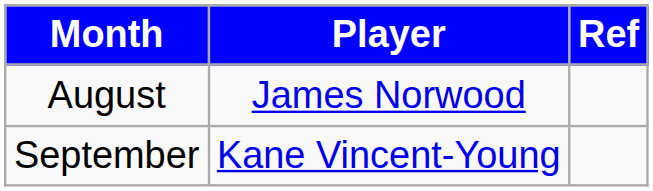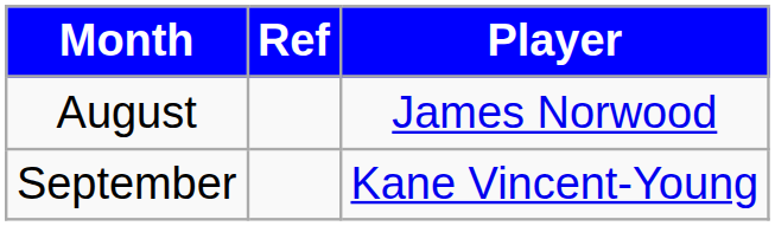 <table class="wikitable" style="text-align:center">
 <tr>
 <th style="background:blue; color:white; width=0%">Month</th>
+<th style="background:blue; color:white; width=0%">Ref</th>
 <th style="background:blue; color:white; width=0%">Player</th>
-<th style="background:blue; color:white; width=0%">Ref</th>
 </tr>
 <tr>
 <td>August</td>
+<td></td>
 <td> <a href='#'>James Norwood</a></td>
-<td></td>
 </tr>
 <tr>
 <td>September</td>
+<td></td>
 <td> <a href='#'>Kane Vincent-Young</a></td>
-<td></td>
 </tr>
 </table>
